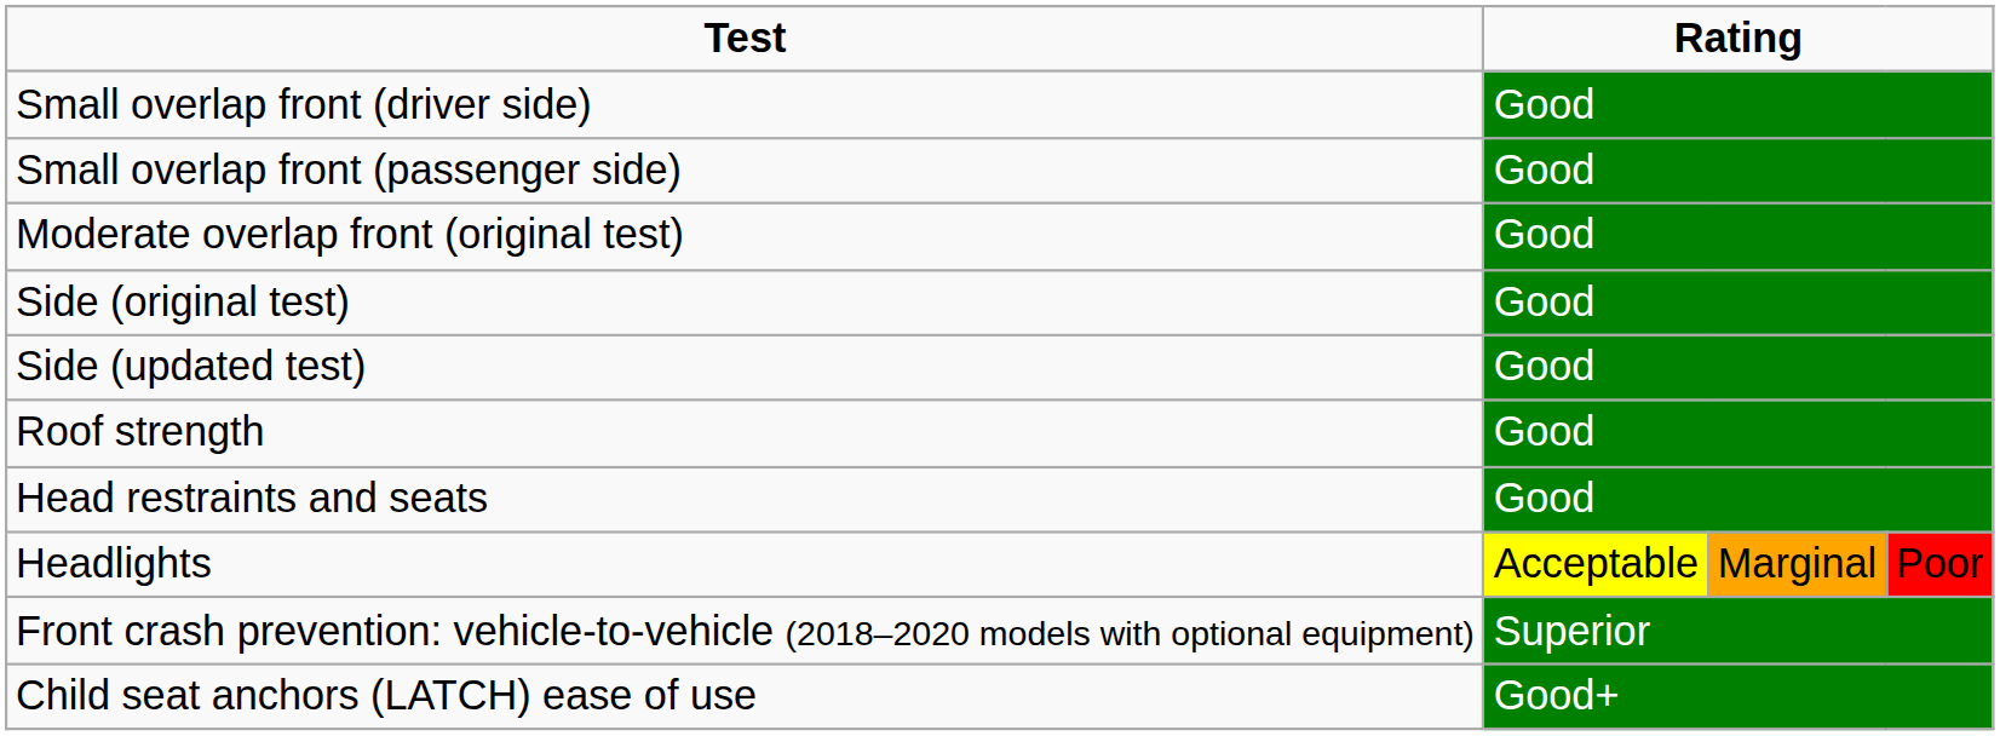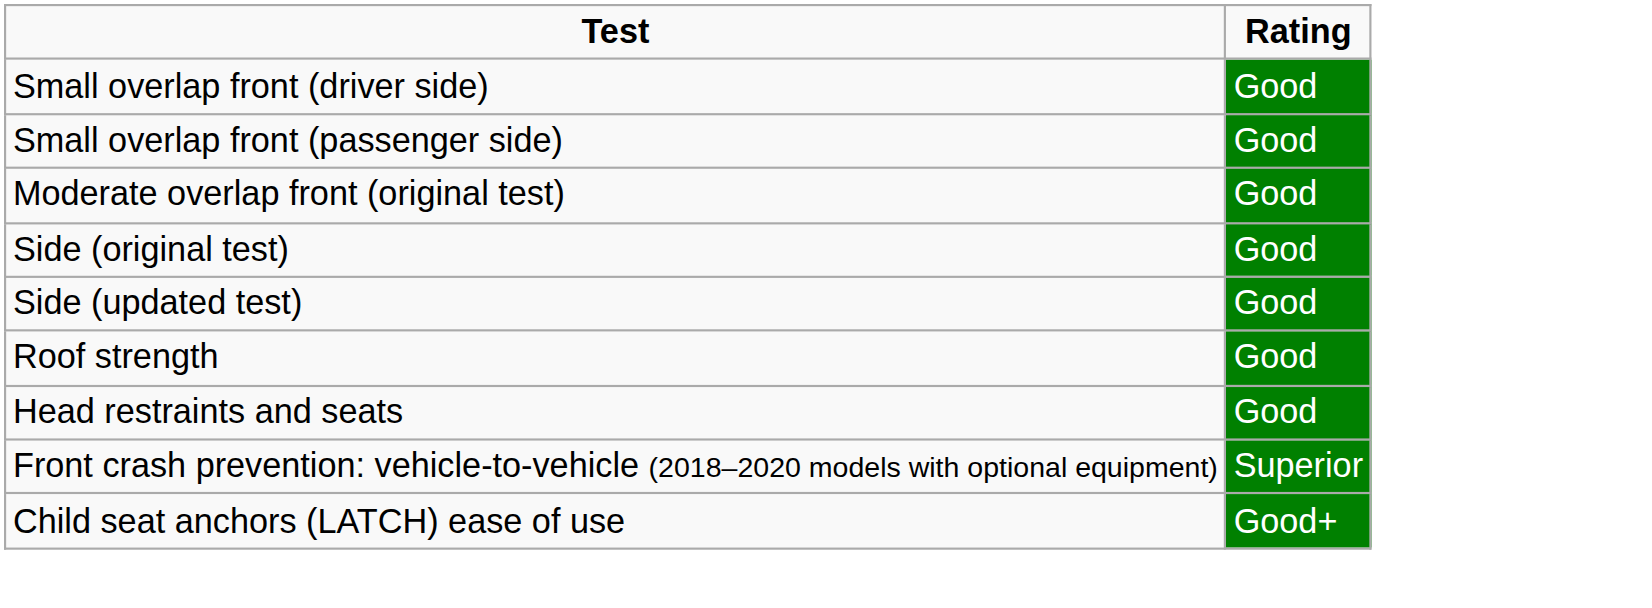 <table class="wikitable">
 <tr>
 <td style="text-align:center;"><strong>Test</strong></td>
 <td colspan="3" style="text-align:center;"><strong>Rating</strong></td>
 </tr>
 <tr>
 <td>Small overlap front (driver side)</td>
 <td colspan="3" style="color:white; background:green">Good</td>
 </tr>
 <tr>
 <td>Small overlap front (passenger side)</td>
 <td colspan="3" style="color:white; background:green">Good</td>
 </tr>
 <tr>
 <td>Moderate overlap front (original test)</td>
 <td colspan="3" style="color:white; background:green">Good</td>
 </tr>
 <tr>
 <td>Side (original test)</td>
 <td colspan="3" style="color:white; background:green">Good</td>
 </tr>
 <tr>
 <td>Side (updated test)</td>
 <td colspan="3" style="color:white; background:green">Good</td>
 </tr>
 <tr>
 <td>Roof strength</td>
 <td colspan="3" style="color:white; background:green">Good</td>
 </tr>
 <tr>
 <td>Head restraints and seats</td>
 <td colspan="3" style="color:white; background:green">Good</td>
 </tr>
 <tr>
-<td>Headlights</td>
-<td style="background: yellow">Acceptable</td>
-<td style="background: orange">Marginal</td>
-<td style="background: red">Poor</td>
-</tr>
-<tr>
 <td>Front crash prevention: vehicle-to-vehicle <small>(2018–2020 models with optional equipment)</small></td>
 <td colspan="3" style="color:white; background:green">Superior</td>
 </tr>
 <tr>
 <td>Child seat anchors (LATCH) ease of use</td>
 <td colspan="3" style="color:white; background:green">Good+</td>
 </tr>
 </table>
